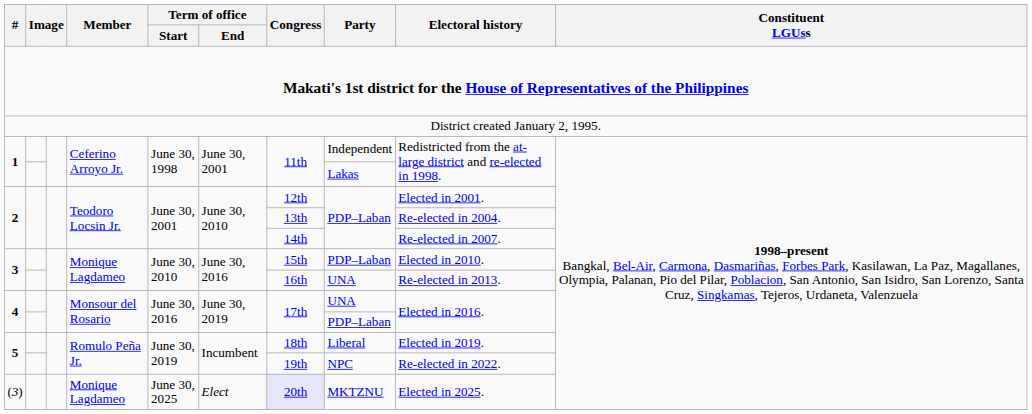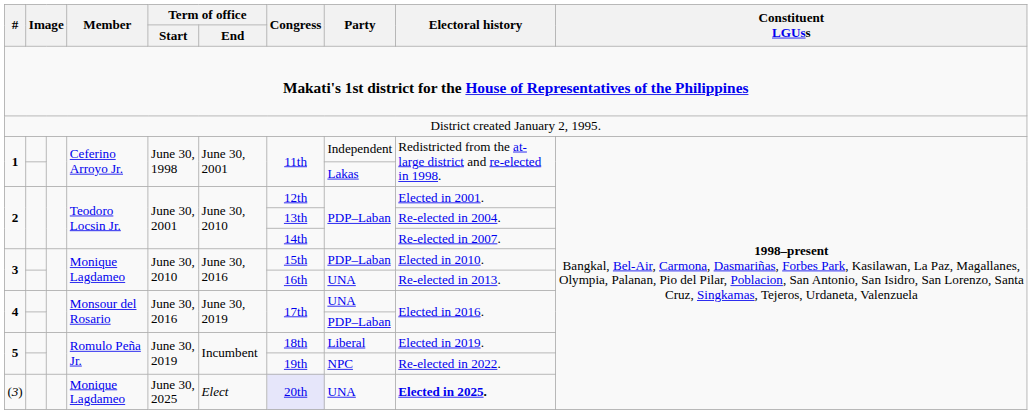 <table class=wikitable>
 <tr>
 <th rowspan="2">#</th>
 <th rowspan=2 colspan=2>Image</th>
 <th rowspan="2">Member</th>
 <th colspan=2>Term of office</th>
 <th rowspan="2">Congress</th>
 <th rowspan="2">Party</th>
 <th rowspan="2">Electoral history</th>
 <th rowspan="2">Constituent<br><a href='#'>LGUs</a>s</th>
 </tr>
 <tr>
 <th>Start</th>
 <th>End</th>
 </tr>
 <tr>
 <td colspan="10" style="text-align:center;"><br><h3>Makati's 1st district for the <a href='#'>House of Representatives of the Philippines</a></h3></td>
 </tr>
 <tr>
 <td colspan="10" style="text-align:center;">District created January 2, 1995.</td>
 </tr>
 <tr>
 <td style="text-align:center;" rowspan="2"><strong>1</strong></td>
 <td style="color:inherit;background:"></td>
 <td rowspan="2"></td>
 <td rowspan="2"><a href='#'>Ceferino Arroyo Jr.</a><br><small></small></td>
 <td rowspan="2">June 30, 1998</td>
 <td rowspan="2">June 30, 2001</td>
 <td style="text-align:center;" rowspan="2"><a href='#'>11th</a></td>
 <td>Independent</td>
 <td rowspan="2">Redistricted from the <a href='#'>at-large district</a> and <a href='#'>re-elected in 1998</a>.</td>
 <td rowspan="12" style="text-align:center;"><strong>1998–present</strong><br>Bangkal, <a href='#'>Bel-Air</a>, <a href='#'>Carmona</a>, <a href='#'>Dasmariñas</a>, <a href='#'>Forbes Park</a>, Kasilawan, La Paz, Magallanes, Olympia, Palanan, Pio del Pilar, <a href='#'>Poblacion</a>, San Antonio, San Isidro, San Lorenzo, Santa Cruz, <a href='#'>Singkamas</a>, Tejeros, Urdaneta, Valenzuela</td>
 </tr>
 <tr>
 <td style="color:inherit;background:"></td>
 <td><a href='#'>Lakas</a></td>
 </tr>
 <tr>
 <td rowspan="3" style="text-align:center;"><strong>2</strong></td>
 <td rowspan="3" style="color:inherit;background:"></td>
 <td rowspan="3"></td>
 <td rowspan="3"><a href='#'>Teodoro Locsin Jr.</a><br><small></small></td>
 <td rowspan="3">June 30, 2001</td>
 <td rowspan="3">June 30, 2010</td>
 <td style="text-align:center;"><a href='#'>12th</a></td>
 <td rowspan="3"><a href='#'>PDP–Laban</a></td>
 <td><a href='#'>Elected in 2001</a>.</td>
 </tr>
 <tr>
 <td style="text-align:center;"><a href='#'>13th</a></td>
 <td><a href='#'>Re-elected in 2004</a>.</td>
 </tr>
 <tr>
 <td style="text-align:center;"><a href='#'>14th</a></td>
 <td><a href='#'>Re-elected in 2007</a>.</td>
 </tr>
 <tr>
 <td rowspan="2" style="text-align:center;"><strong>3</strong></td>
 <td style="color:inherit;background:"></td>
 <td rowspan="2"></td>
 <td rowspan="2"><a href='#'>Monique Lagdameo</a><br><small></small></td>
 <td rowspan="2">June 30, 2010</td>
 <td rowspan="2">June 30, 2016</td>
 <td style="text-align:center;"><a href='#'>15th</a></td>
 <td><a href='#'>PDP–Laban</a></td>
 <td><a href='#'>Elected in 2010</a>.</td>
 </tr>
 <tr>
 <td style="color:inherit;background:"></td>
 <td style="text-align:center;"><a href='#'>16th</a></td>
 <td><a href='#'>UNA</a></td>
 <td><a href='#'>Re-elected in 2013</a>.</td>
 </tr>
 <tr>
 <td rowspan="2" style="text-align:center;"><strong>4</strong></td>
 <td style="color:inherit;background:"></td>
 <td rowspan="2"></td>
 <td rowspan="2"><a href='#'>Monsour del Rosario</a><br><small></small></td>
 <td rowspan="2">June 30, 2016</td>
 <td rowspan="2">June 30, 2019</td>
 <td rowspan="2" style="text-align:center;"><a href='#'>17th</a></td>
 <td><a href='#'>UNA</a></td>
 <td rowspan="2"><a href='#'>Elected in 2016</a>.</td>
 </tr>
 <tr>
 <td style="color:inherit;background:"></td>
 <td><a href='#'>PDP–Laban</a></td>
 </tr>
 <tr>
 <td rowspan="2" style="text-align:center;"><strong>5</strong></td>
 <td style="color:inherit;background:"></td>
 <td rowspan="2"></td>
 <td rowspan="2"><a href='#'>Romulo Peña Jr.</a><br><small></small></td>
 <td rowspan="2">June 30, 2019</td>
 <td rowspan="2">Incumbent</td>
 <td style="text-align:center;"><a href='#'>18th</a></td>
 <td><a href='#'>Liberal</a></td>
 <td><a href='#'>Elected in 2019</a>.</td>
 </tr>
 <tr>
 <td style="color:inherit;background:"></td>
 <td style="text-align:center;"><a href='#'>19th</a></td>
 <td><a href='#'>NPC</a></td>
 <td><a href='#'>Re-elected in 2022</a>.</td>
 </tr>
 <tr>
 <td style="text-align:center;">(<em>3</em>)</td>
 <td style="color:inherit;background:"></td>
 <td></td>
 <td><a href='#'>Monique Lagdameo</a><br><small></small></td>
 <td>June 30, 2025</td>
 <td><em>Elect</em></td>
 <td style="background: lavender; text-align:center;"><a href='#'>20th</a></td>
-<td><a href='#'>MKTZNU</a></td>
-<td><a href='#'>Elected in 2025</a>.</td>
+<td><a href='#'>UNA</a></td>
+<td><strong><a href='#'>Elected in 2025</a>.</strong></td>
 </tr>
 </table>
